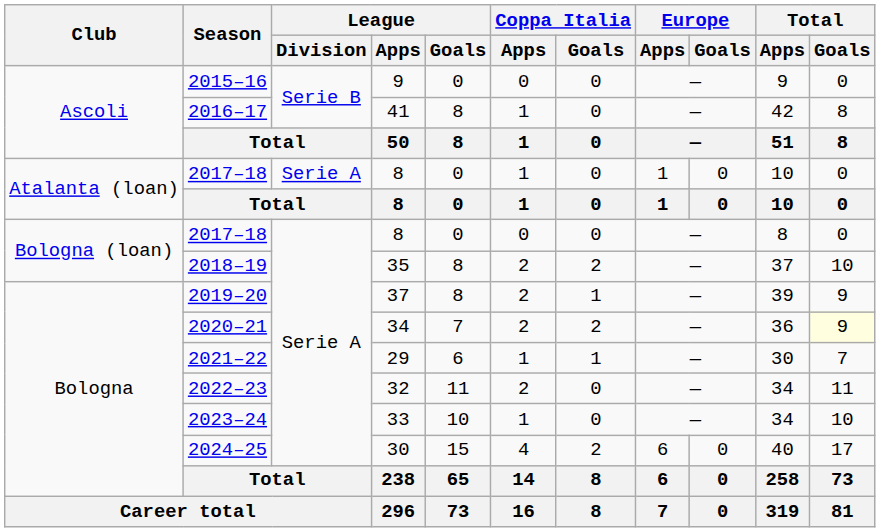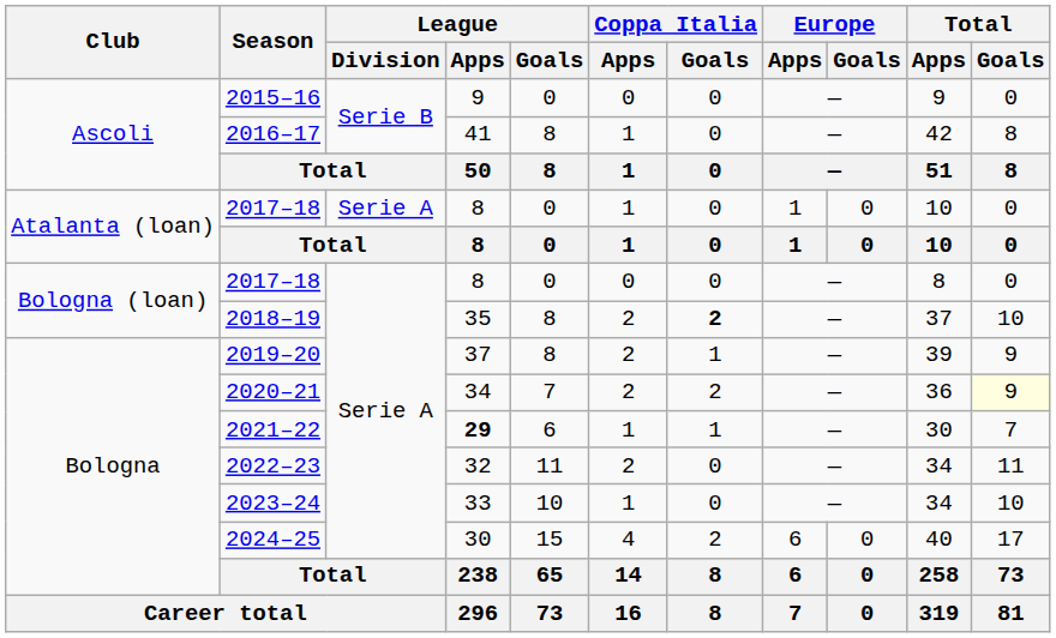 <table class="wikitable" style="text-align: center">
 <tr>
 <th rowspan="2">Club</th>
 <th rowspan="2">Season</th>
 <th colspan="3">League</th>
 <th colspan="2"><a href='#'>Coppa Italia</a></th>
 <th colspan="2"><a href='#'>Europe</a></th>
 <th colspan="2">Total</th>
 </tr>
 <tr>
 <th>Division</th>
 <th>Apps</th>
 <th>Goals</th>
 <th>Apps</th>
 <th>Goals</th>
 <th>Apps</th>
 <th>Goals</th>
 <th>Apps</th>
 <th>Goals</th>
 </tr>
 <tr>
 <td rowspan="3"><a href='#'>Ascoli</a></td>
 <td><a href='#'>2015–16</a></td>
 <td rowspan="2"><a href='#'>Serie B</a></td>
 <td>9</td>
 <td>0</td>
 <td>0</td>
 <td>0</td>
 <td colspan="2">—</td>
 <td>9</td>
 <td>0</td>
 </tr>
 <tr>
 <td><a href='#'>2016–17</a></td>
 <td>41</td>
 <td>8</td>
 <td>1</td>
 <td>0</td>
 <td colspan="2">—</td>
 <td>42</td>
 <td>8</td>
 </tr>
 <tr>
 <th colspan="2">Total</th>
 <th>50</th>
 <th>8</th>
 <th>1</th>
 <th>0</th>
 <th colspan="2">—</th>
 <th>51</th>
 <th>8</th>
 </tr>
 <tr>
 <td rowspan="2"><a href='#'>Atalanta</a> (loan)</td>
 <td><a href='#'>2017–18</a></td>
 <td><a href='#'>Serie A</a></td>
 <td>8</td>
 <td>0</td>
 <td>1</td>
 <td>0</td>
 <td>1</td>
 <td>0</td>
 <td>10</td>
 <td>0</td>
 </tr>
 <tr>
 <th colspan="2">Total</th>
 <th>8</th>
 <th>0</th>
 <th>1</th>
 <th>0</th>
 <th>1</th>
 <th>0</th>
 <th>10</th>
 <th>0</th>
 </tr>
 <tr>
 <td rowspan="2"><a href='#'>Bologna</a> (loan)</td>
 <td><a href='#'>2017–18</a></td>
 <td rowspan="8">Serie A</td>
 <td>8</td>
 <td>0</td>
 <td>0</td>
 <td>0</td>
 <td colspan="2">—</td>
 <td>8</td>
 <td>0</td>
 </tr>
 <tr>
 <td><a href='#'>2018–19</a></td>
 <td>35</td>
 <td>8</td>
 <td>2</td>
-<td>2</td>
+<td><strong>2</strong></td>
 <td colspan="2">—</td>
 <td>37</td>
 <td>10</td>
 </tr>
 <tr>
 <td rowspan="7">Bologna</td>
 <td><a href='#'>2019–20</a></td>
 <td>37</td>
 <td>8</td>
 <td>2</td>
 <td>1</td>
 <td colspan="2">—</td>
 <td>39</td>
 <td>9</td>
 </tr>
 <tr>
 <td><a href='#'>2020–21</a></td>
 <td>34</td>
 <td>7</td>
 <td>2</td>
 <td>2</td>
 <td colspan="2">—</td>
 <td>36</td>
 <td style="background: lightyellow;">9</td>
 </tr>
 <tr>
 <td><a href='#'>2021–22</a></td>
-<td>29</td>
+<td><strong>29</strong></td>
 <td>6</td>
 <td>1</td>
 <td>1</td>
 <td colspan="2">—</td>
 <td>30</td>
 <td>7</td>
 </tr>
 <tr>
 <td><a href='#'>2022–23</a></td>
 <td>32</td>
 <td>11</td>
 <td>2</td>
 <td>0</td>
 <td colspan="2">—</td>
 <td>34</td>
 <td>11</td>
 </tr>
 <tr>
 <td><a href='#'>2023–24</a></td>
 <td>33</td>
 <td>10</td>
 <td>1</td>
 <td>0</td>
 <td colspan="2">—</td>
 <td>34</td>
 <td>10</td>
 </tr>
 <tr>
 <td><a href='#'>2024–25</a></td>
 <td>30</td>
 <td>15</td>
 <td>4</td>
 <td>2</td>
 <td>6</td>
 <td>0</td>
 <td>40</td>
 <td>17</td>
 </tr>
 <tr>
 <th colspan="2">Total</th>
 <th>238</th>
 <th>65</th>
 <th>14</th>
 <th>8</th>
 <th>6</th>
 <th>0</th>
 <th>258</th>
 <th>73</th>
 </tr>
 <tr>
 <th colspan="3">Career total</th>
 <th>296</th>
 <th>73</th>
 <th>16</th>
 <th>8</th>
 <th>7</th>
 <th>0</th>
 <th>319</th>
 <th>81</th>
 </tr>
 </table>
